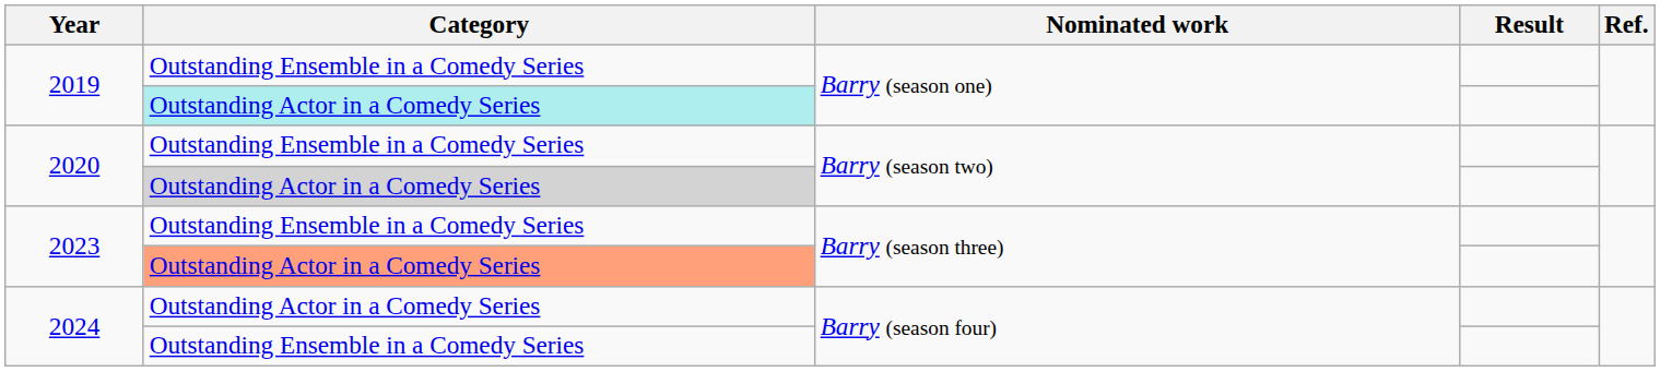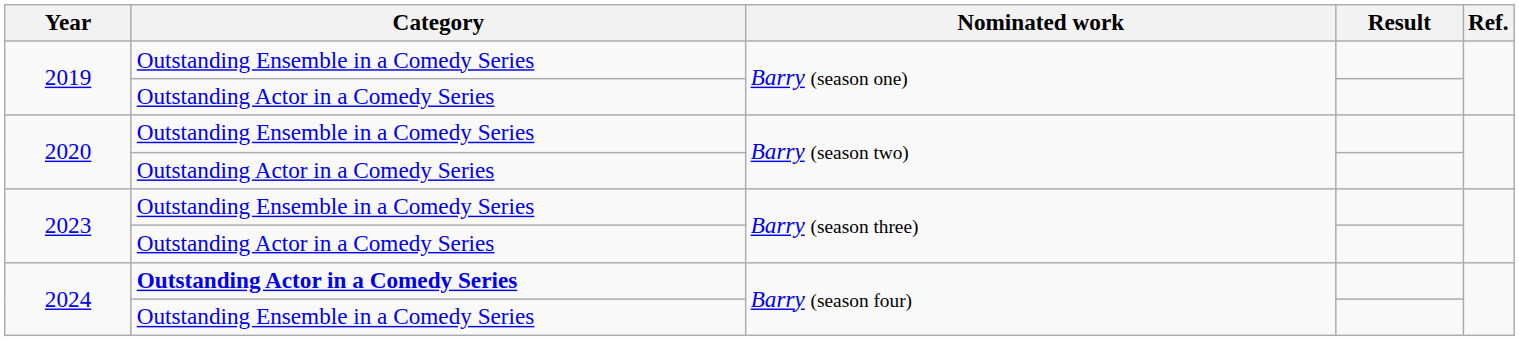 <table class=wikitable>
 <tr>
 <th scope="col" style="width:5em;">Year</th>
 <th scope="col" style="width:26em;">Category</th>
 <th scope="col" style="width:25em;">Nominated work</th>
 <th scope="col" style="width:5em;">Result</th>
 <th>Ref.</th>
 </tr>
 <tr>
 <td style="text-align:center;", rowspan=2><a href='#'>2019</a></td>
 <td><a href='#'>Outstanding Ensemble in a Comedy Series</a></td>
 <td rowspan=2><em><a href='#'>Barry</a></em> <small> (season one) </small></td>
 <td></td>
 <td rowspan=2, align="center"></td>
 </tr>
 <tr>
-<td style="background: paleturquoise;"><a href='#'>Outstanding Actor in a Comedy Series</a></td>
+<td><a href='#'>Outstanding Actor in a Comedy Series</a></td>
 <td></td>
 </tr>
 <tr>
 <td rowspan="2" align="center"><a href='#'>2020</a></td>
 <td><a href='#'>Outstanding Ensemble in a Comedy Series</a></td>
 <td rowspan=2><em><a href='#'>Barry</a></em> <small> (season two) </small></td>
 <td></td>
 <td rowspan=2, align="center"></td>
 </tr>
 <tr>
-<td style="background: lightgrey;"><a href='#'>Outstanding Actor in a Comedy Series</a></td>
+<td><a href='#'>Outstanding Actor in a Comedy Series</a></td>
 <td></td>
 </tr>
 <tr>
 <td rowspan="2" align="center"><a href='#'>2023</a></td>
 <td><a href='#'>Outstanding Ensemble in a Comedy Series</a></td>
 <td rowspan=2><em><a href='#'>Barry</a></em> <small> (season three) </small></td>
 <td></td>
 <td rowspan=2, align="center"></td>
 </tr>
 <tr>
-<td style="background: lightsalmon;"><a href='#'>Outstanding Actor in a Comedy Series</a></td>
+<td><a href='#'>Outstanding Actor in a Comedy Series</a></td>
 <td></td>
 </tr>
 <tr>
 <td rowspan="2" align="center"><a href='#'>2024</a></td>
-<td><a href='#'>Outstanding Actor in a Comedy Series</a></td>
+<td><strong><a href='#'>Outstanding Actor in a Comedy Series</a></strong></td>
 <td rowspan=2><em><a href='#'>Barry</a></em> <small> (season four) </small></td>
 <td></td>
 <td rowspan="2" align="center"></td>
 </tr>
 <tr>
 <td><a href='#'>Outstanding Ensemble in a Comedy Series</a></td>
 <td></td>
 </tr>
 </table>
